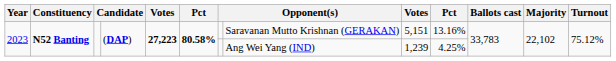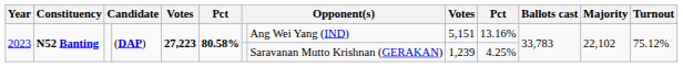 <table class="wikitable" style="margin:0.5em ; font-size:95%">
 <tr>
 <th>Year</th>
 <th>Constituency</th>
 <th colspan="2">Candidate</th>
 <th>Votes</th>
 <th>Pct</th>
 <th colspan="2">Opponent(s)</th>
 <th>Votes</th>
 <th>Pct</th>
 <th>Ballots cast</th>
 <th>Majority</th>
 <th>Turnout</th>
 </tr>
 <tr>
 <td rowspan=2><a href='#'>2023</a></td>
 <td rowspan=2><strong>N52 <a href='#'>Banting</a></strong></td>
 <td rowspan=2 ></td>
 <td rowspan=2> (<a href='#'><strong>DAP</strong></a>)</td>
 <td rowspan=2 align=right><strong>27,223</strong></td>
 <td rowspan=2><strong>80.58%</strong></td>
 <td bgcolor=></td>
-<td>Saravanan Mutto Krishnan (<a href='#'>GERAKAN</a>)</td>
+<td>Ang Wei Yang (<a href='#'>IND</a>)</td>
 <td align=right>5,151</td>
 <td>13.16%</td>
 <td rowspan=2>33,783</td>
 <td rowspan=2>22,102</td>
 <td rowspan=2>75.12%</td>
 </tr>
 <tr>
 <td></td>
-<td>Ang Wei Yang (<a href='#'>IND</a>)</td>
+<td>Saravanan Mutto Krishnan (<a href='#'>GERAKAN</a>)</td>
 <td align=right>1,239</td>
 <td align=right>4.25%</td>
 </tr>
 </table>
